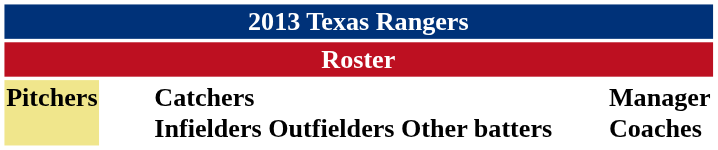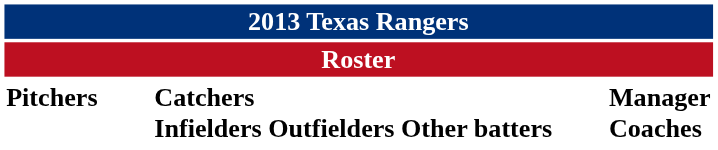 <table class="toccolours" style="font-size: 95%;">
 <tr>
 <th colspan="10" style="background:#003279; color:#fff; text-align:center;">2013 Texas Rangers</th>
 </tr>
 <tr>
 <td colspan="10" style="background:#bd1021; color:white; text-align:center;"><strong>Roster</strong></td>
 </tr>
 <tr>
-<td valign="top" style="background: khaki;"><strong>Pitchers</strong><br>                       </td>
+<td valign="top"><strong>Pitchers</strong><br>                       </td>
 <td style="width:25px;"></td>
 <td valign="top"><strong>Catchers</strong><br>  <strong>Infielders</strong>            <strong>Outfielders</strong>         <strong>Other batters</strong> </td>
 <td style="width:25px;"></td>
 <td valign="top"><strong>Manager</strong><br> <strong>Coaches</strong>              </td>
 </tr>
 </table>
